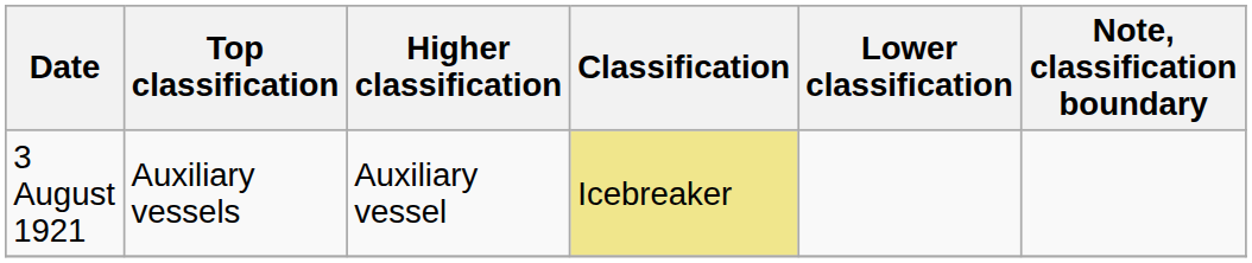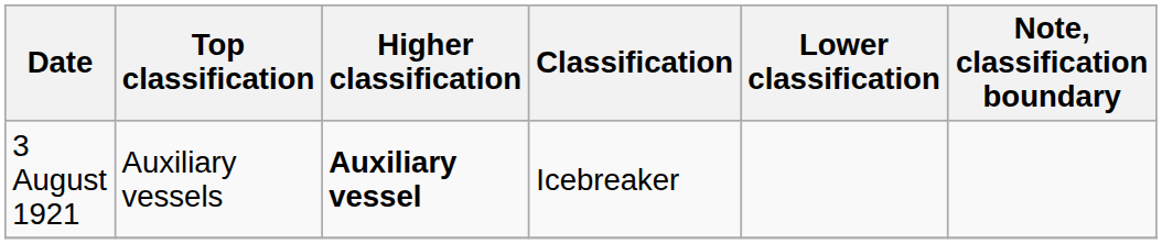 <table class="wikitable">
 <tr>
 <th>Date</th>
 <th>Top classification</th>
 <th>Higher classification</th>
 <th>Classification</th>
 <th>Lower classification</th>
 <th>Note, classification boundary</th>
 </tr>
 <tr>
 <td>3 August 1921</td>
 <td>Auxiliary vessels</td>
-<td>Auxiliary vessel</td>
-<td style="background: khaki;">Icebreaker</td>
+<td><strong>Auxiliary vessel</strong></td>
+<td>Icebreaker</td>
 <td></td>
 <td></td>
 </tr>
 <tr>
 </tr>
 </table>
